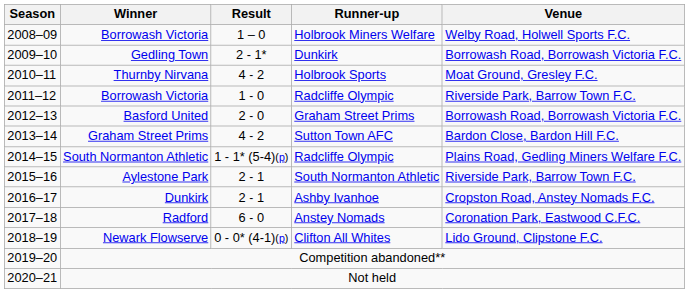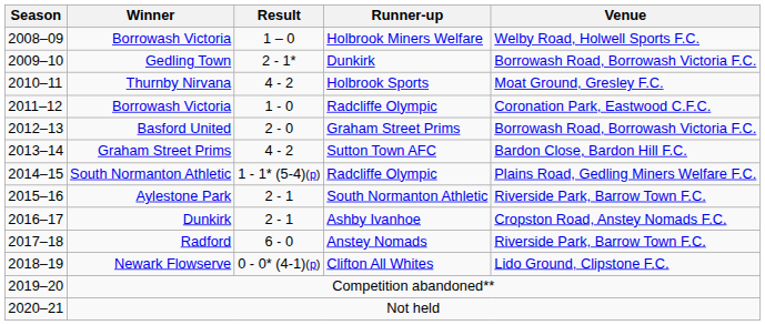 <table class="wikitable">
 <tr>
 <th>Season</th>
 <th>Winner</th>
 <th>Result</th>
 <th>Runner-up</th>
 <th>Venue</th>
 </tr>
 <tr>
 <td>2008–09</td>
 <td align="right"><a href='#'>Borrowash Victoria</a></td>
 <td style="text-align:center;">1 – 0</td>
 <td><a href='#'>Holbrook Miners Welfare</a></td>
 <td><a href='#'>Welby Road, Holwell Sports F.C.</a></td>
 </tr>
 <tr>
 <td>2009–10</td>
 <td align="right"><a href='#'>Gedling Town</a></td>
 <td style="text-align:center;">2 - 1*</td>
 <td><a href='#'>Dunkirk</a></td>
 <td><a href='#'>Borrowash Road, Borrowash Victoria F.C.</a></td>
 </tr>
 <tr>
 <td>2010–11</td>
 <td align="right"><a href='#'>Thurnby Nirvana</a></td>
 <td style="text-align:center;">4 - 2</td>
 <td><a href='#'>Holbrook Sports</a></td>
 <td><a href='#'>Moat Ground, Gresley F.C.</a></td>
 </tr>
 <tr>
 <td>2011–12</td>
 <td align="right"><a href='#'>Borrowash Victoria</a></td>
 <td style="text-align:center;">1 - 0</td>
 <td><a href='#'>Radcliffe Olympic</a></td>
-<td><a href='#'>Riverside Park, Barrow Town F.C.</a></td>
+<td><a href='#'>Coronation Park, Eastwood C.F.C.</a></td>
 </tr>
 <tr>
 <td>2012–13</td>
 <td align="right"><a href='#'>Basford United</a></td>
 <td style="text-align:center;">2 - 0</td>
 <td><a href='#'>Graham Street Prims</a></td>
 <td><a href='#'>Borrowash Road, Borrowash Victoria F.C.</a></td>
 </tr>
 <tr>
 <td>2013–14</td>
 <td align="right"><a href='#'>Graham Street Prims</a></td>
 <td style="text-align:center;">4 - 2</td>
 <td><a href='#'>Sutton Town AFC</a></td>
 <td><a href='#'>Bardon Close, Bardon Hill F.C.</a></td>
 </tr>
 <tr>
 <td>2014–15</td>
 <td align="right"><a href='#'>South Normanton Athletic</a></td>
 <td style="text-align:center;">1 - 1* (5-4)<small>(<a href='#'>p</a>)</small></td>
 <td><a href='#'>Radcliffe Olympic</a></td>
 <td><a href='#'>Plains Road, Gedling Miners Welfare F.C.</a></td>
 </tr>
 <tr>
 <td>2015–16</td>
 <td align="right"><a href='#'>Aylestone Park</a></td>
 <td style="text-align:center;">2 - 1</td>
 <td><a href='#'>South Normanton Athletic</a></td>
 <td><a href='#'>Riverside Park, Barrow Town F.C.</a></td>
 </tr>
 <tr>
 <td>2016–17</td>
 <td align="right"><a href='#'>Dunkirk</a></td>
 <td style="text-align:center;">2 - 1</td>
 <td><a href='#'>Ashby Ivanhoe</a></td>
 <td><a href='#'>Cropston Road, Anstey Nomads F.C.</a></td>
 </tr>
 <tr>
 <td>2017–18</td>
 <td align="right"><a href='#'>Radford</a></td>
 <td style="text-align:center;">6 - 0</td>
 <td><a href='#'>Anstey Nomads</a></td>
-<td><a href='#'>Coronation Park, Eastwood C.F.C.</a></td>
+<td><a href='#'>Riverside Park, Barrow Town F.C.</a></td>
 </tr>
 <tr>
 <td>2018–19</td>
 <td align="right"><a href='#'>Newark Flowserve</a></td>
 <td style="text-align:center;">0 - 0* (4-1)<small>(<a href='#'>p</a>)</small></td>
 <td><a href='#'>Clifton All Whites</a></td>
 <td><a href='#'>Lido Ground, Clipstone F.C.</a></td>
 </tr>
 <tr>
 <td>2019–20</td>
 <td align="center" colspan=4>Competition abandoned**</td>
 </tr>
 <tr>
 <td>2020–21</td>
 <td align="center" colspan=4>Not held</td>
 </tr>
 </table>
